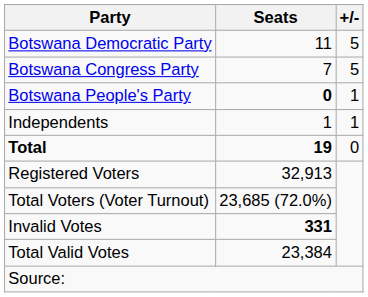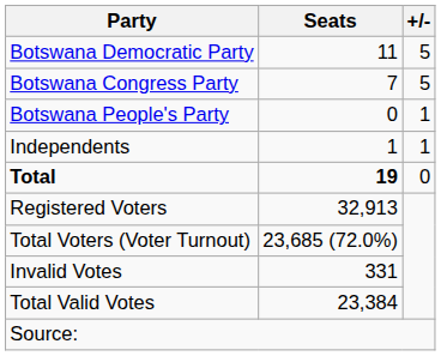 <table class=wikitable style=text-align:right>
 <tr>
 <th>Party</th>
 <th>Seats</th>
 <th>+/-</th>
 </tr>
 <tr>
 <td align=left><a href='#'>Botswana Democratic Party</a></td>
 <td>11</td>
 <td>5</td>
 </tr>
 <tr>
 <td align=left><a href='#'>Botswana Congress Party</a></td>
 <td>7</td>
 <td>5</td>
 </tr>
 <tr>
 <td align=left><a href='#'>Botswana People's Party</a></td>
-<td><strong>0</strong></td>
+<td>0</td>
 <td>1</td>
 </tr>
 <tr>
 <td align=left>Independents</td>
 <td>1</td>
 <td>1</td>
 </tr>
 <tr>
 <td align=left><strong>Total</strong></td>
 <td><strong>19</strong></td>
 <td>0</td>
 </tr>
 <tr>
 <td align=left>Registered Voters</td>
 <td>32,913</td>
 </tr>
 <tr>
 <td align=left>Total Voters (Voter Turnout)</td>
 <td>23,685 (72.0%)</td>
 </tr>
 <tr>
 <td align=left>Invalid Votes</td>
-<td><strong>331</strong></td>
+<td>331</td>
 </tr>
 <tr>
 <td align=left>Total Valid Votes</td>
 <td>23,384</td>
 </tr>
 <tr>
 <td colspan=4 align=left>Source: </td>
 </tr>
 </table>
